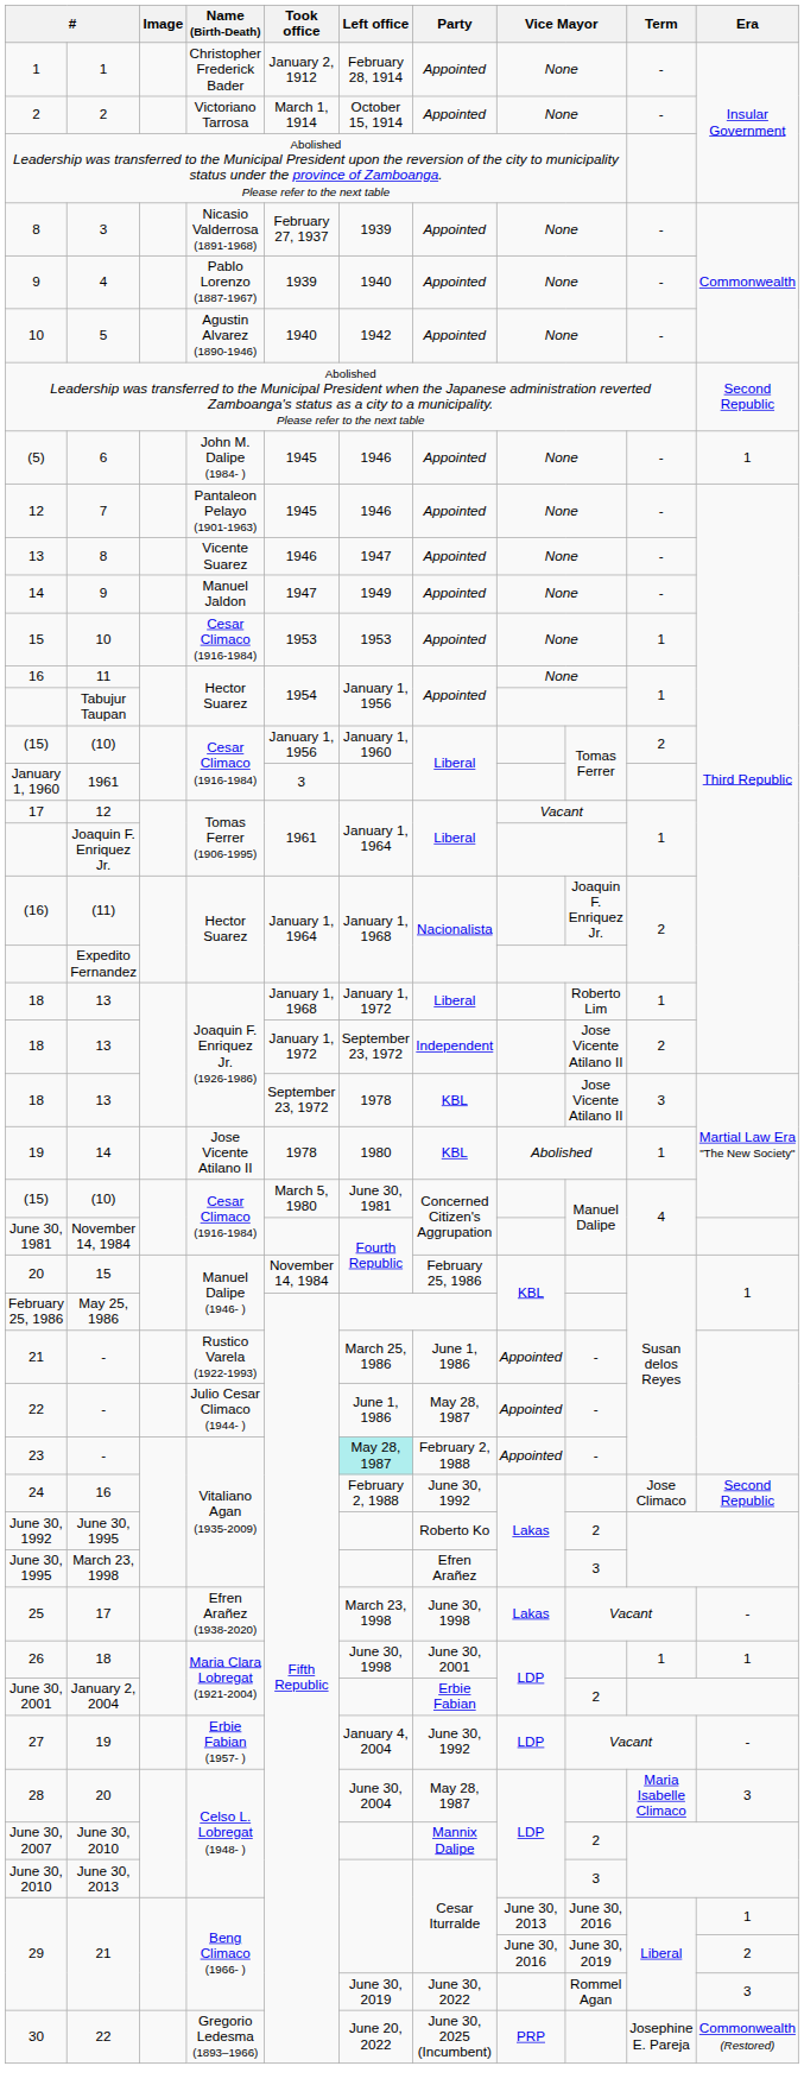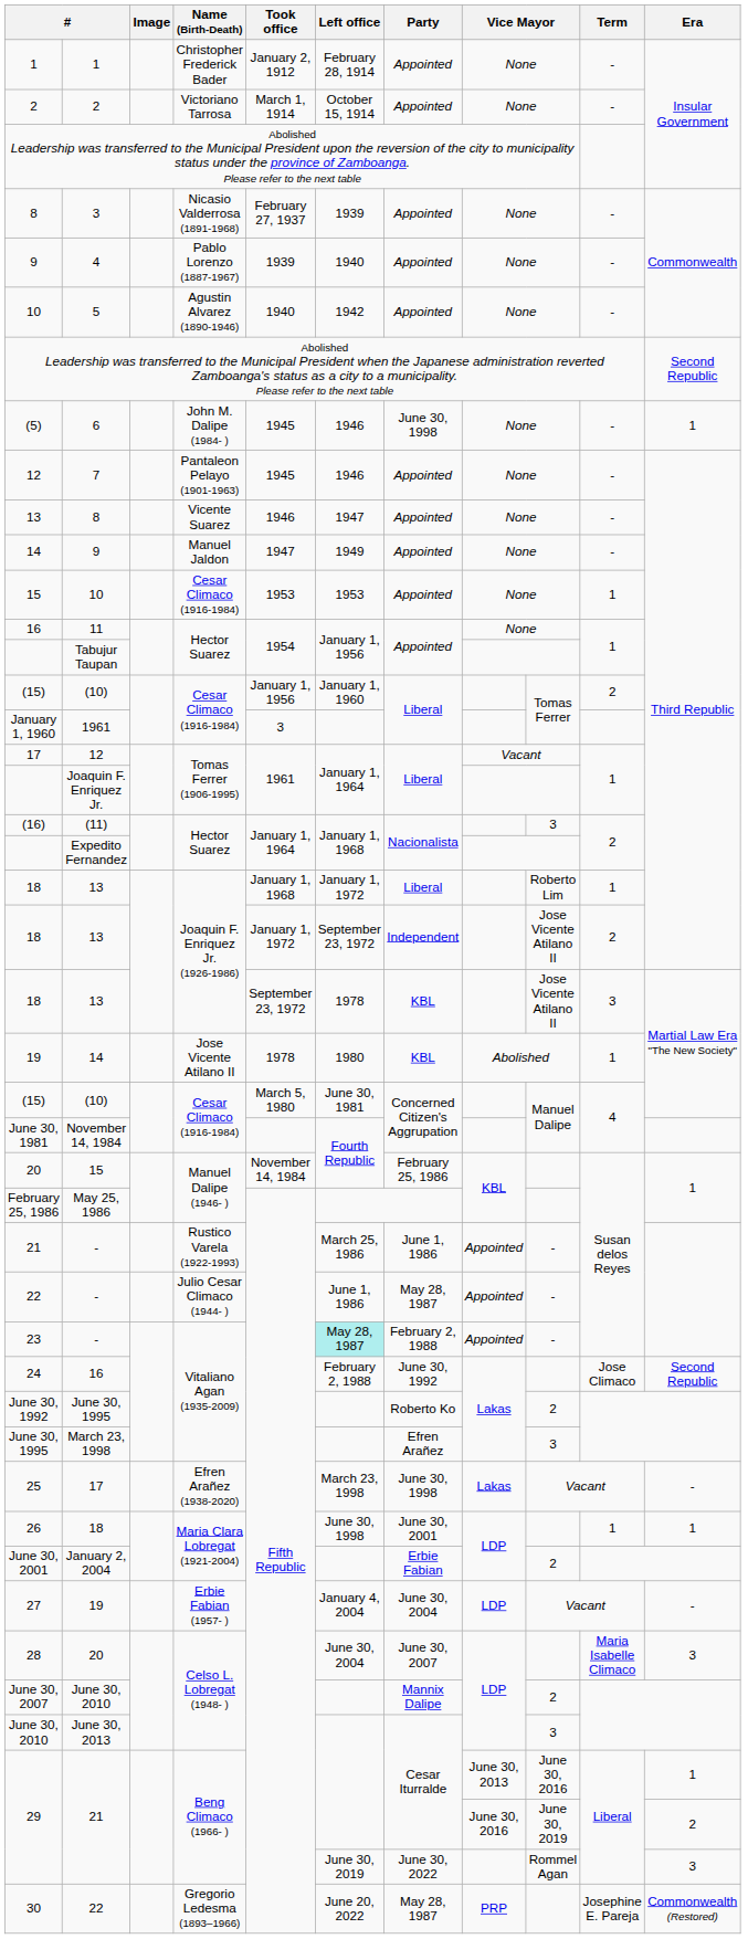 <table class="wikitable" style="text-align:center">
 <tr style="background:#cccccc">
 <th colspan=2>#</th>
 <th>Image</th>
 <th>Name <br><small>(Birth-Death)</small></th>
 <th>Took office</th>
 <th>Left office</th>
 <th>Party</th>
 <th colspan=2>Vice Mayor</th>
 <th>Term</th>
 <th>Era</th>
 </tr>
 <tr align=center>
 <td bgcolor=>1</td>
 <td bgcolor=>1</td>
 <td></td>
 <td>Christopher Frederick Bader</td>
 <td>January 2, 1912</td>
 <td>February 28, 1914</td>
 <td><em>Appointed</em></td>
 <td colspan=2><em>None</em></td>
 <td>-</td>
 <td rowspan=3><a href='#'>Insular Government</a></td>
 </tr>
 <tr align=center>
 <td bgcolor=>2</td>
 <td bgcolor=>2</td>
 <td></td>
 <td>Victoriano Tarrosa</td>
 <td>March 1, 1914</td>
 <td>October 15, 1914</td>
 <td><em>Appointed</em></td>
 <td colspan=2><em>None</em></td>
 <td>-</td>
 </tr>
 <tr align=center>
 <td colspan=9><small>Abolished</small> <br> <em>Leadership was transferred to the Municipal President upon the reversion of the city to municipality status under the <a href='#'>province of Zamboanga</a>.</em><br><small><em>Please refer to the next table</em></small></td>
 </tr>
 <tr align=center>
 <td bgcolor=>8</td>
 <td bgcolor=>3</td>
 <td></td>
 <td>Nicasio Valderrosa<br><small>(1891-1968)</small><br></td>
 <td>February 27, 1937</td>
 <td>1939</td>
 <td><em>Appointed</em></td>
 <td colspan=2><em>None</em></td>
 <td>-</td>
 <td rowspan=3><a href='#'>Commonwealth</a></td>
 </tr>
 <tr align=center>
 <td bgcolor=>9</td>
 <td bgcolor=>4</td>
 <td></td>
 <td>Pablo Lorenzo<br><small>(1887-1967)</small><br></td>
 <td>1939</td>
 <td>1940</td>
 <td><em>Appointed</em></td>
 <td colspan=2><em>None</em></td>
 <td>-</td>
 </tr>
 <tr align=center>
 <td bgcolor=>10</td>
 <td bgcolor=>5</td>
 <td></td>
 <td>Agustin Alvarez<br><small>(1890-1946)</small><br></td>
 <td>1940</td>
 <td>1942</td>
 <td><em>Appointed</em></td>
 <td colspan=2><em>None</em></td>
 <td>-</td>
 </tr>
 <tr align=center>
 <td colspan=10><small>Abolished</small> <br> <em>Leadership was transferred to the Municipal President when the Japanese administration reverted Zamboanga's status as a city to a municipality.</em><br><small><em>Please refer to the next table</em></small></td>
 <td><a href='#'>Second Republic</a></td>
 </tr>
 <tr align=center>
 <td bgcolor=>(5)</td>
 <td bgcolor=>6</td>
 <td></td>
 <td>John M. Dalipe<br><small>(1984- )</small><br></td>
 <td>1945</td>
 <td>1946</td>
-<td><em>Appointed</em></td>
+<td>June 30, 1998</td>
 <td colspan=2><em>None</em></td>
 <td>-</td>
 <td>1</td>
 </tr>
 <tr align=center>
 <td bgcolor=>12</td>
 <td bgcolor=>7</td>
 <td></td>
 <td>Pantaleon Pelayo<br><small>(1901-1963)</small><br></td>
 <td>1945</td>
 <td>1946</td>
 <td><em>Appointed</em></td>
 <td colspan=2><em>None</em></td>
 <td>-</td>
 <td rowspan=14><a href='#'>Third Republic</a></td>
 </tr>
 <tr align=center>
 <td bgcolor=>13</td>
 <td bgcolor=>8</td>
 <td></td>
 <td>Vicente Suarez</td>
 <td>1946</td>
 <td>1947</td>
 <td><em>Appointed</em></td>
 <td colspan=2><em>None</em></td>
 <td>-</td>
 </tr>
 <tr align=center>
 <td bgcolor=>14</td>
 <td bgcolor=>9</td>
 <td></td>
 <td>Manuel Jaldon</td>
 <td>1947</td>
 <td>1949</td>
 <td><em>Appointed</em></td>
 <td colspan=2><em>None</em></td>
 <td>-</td>
 </tr>
 <tr align=center>
 <td bgcolor=>15</td>
 <td bgcolor=>10</td>
 <td></td>
 <td><a href='#'>Cesar Climaco</a><br><small>(1916-1984)</small><br></td>
 <td>1953</td>
 <td>1953</td>
 <td><em>Appointed</em></td>
 <td colspan=2><em>None</em></td>
 <td>1</td>
 </tr>
 <tr align=center>
 <td bgcolor=>16</td>
 <td bgcolor=>11</td>
 <td rowspan=2></td>
 <td rowspan=2>Hector Suarez</td>
 <td rowspan=2>1954</td>
 <td rowspan=2>January 1, 1956</td>
 <td rowspan=2><em>Appointed</em></td>
 <td colspan=2><em>None</em></td>
 <td rowspan=2>1</td>
 </tr>
 <tr align=center>
 <td bgcolor=></td>
 <td>Tabujur Taupan</td>
 </tr>
 <tr align=center>
 <td bgcolor= >(15)</td>
 <td bgcolor= >(10)</td>
 <td rowspan=2></td>
 <td rowspan=2><a href='#'>Cesar Climaco</a><br><small>(1916-1984)</small><br></td>
 <td>January 1, 1956</td>
 <td>January 1, 1960</td>
 <td rowspan=2><a href='#'>Liberal</a></td>
 <td bgcolor= ></td>
 <td rowspan=2>Tomas Ferrer</td>
 <td>2</td>
 </tr>
 <tr align=center>
 <td>January 1, 1960</td>
 <td>1961</td>
 <td>3</td>
 </tr>
 <tr align=center>
 <td bgcolor= >17</td>
 <td bgcolor= >12</td>
 <td rowspan=2></td>
 <td rowspan=2>Tomas Ferrer<br><small>(1906-1995)</small><br></td>
 <td rowspan=2>1961</td>
 <td rowspan=2>January 1, 1964</td>
 <td rowspan=2><a href='#'>Liberal</a></td>
 <td colspan=2><em>Vacant</em></td>
 <td rowspan=2>1</td>
 </tr>
 <tr align=center>
 <td bgcolor= ></td>
 <td>Joaquin F. Enriquez Jr.</td>
 </tr>
 <tr align=center>
 <td bgcolor= >(16)</td>
 <td bgcolor= >(11)</td>
 <td rowspan=2></td>
 <td rowspan=2>Hector Suarez</td>
 <td rowspan=2>January 1, 1964</td>
 <td rowspan=2>January 1, 1968</td>
 <td rowspan=2><a href='#'>Nacionalista</a></td>
 <td bgcolor= ></td>
-<td>Joaquin F. Enriquez Jr.</td>
+<td>3</td>
 <td rowspan=2>2</td>
 </tr>
 <tr align=center>
 <td bgcolor= ></td>
 <td>Expedito Fernandez</td>
 </tr>
 <tr align=center>
 <td bgcolor= >18</td>
 <td bgcolor= >13</td>
 <td rowspan=3></td>
 <td rowspan=3>Joaquin F. Enriquez Jr.<br><small>(1926-1986)</small><br></td>
 <td>January 1, 1968</td>
 <td>January 1, 1972</td>
 <td><a href='#'>Liberal</a></td>
 <td bgcolor= ></td>
 <td>Roberto Lim</td>
 <td>1</td>
 </tr>
 <tr align=center>
 <td bgcolor= >18</td>
 <td bgcolor= >13</td>
 <td>January 1, 1972</td>
 <td>September 23, 1972</td>
 <td><a href='#'>Independent</a></td>
 <td bgcolor= ></td>
 <td>Jose Vicente Atilano II</td>
 <td>2</td>
 </tr>
 <tr align=center>
 <td bgcolor= >18</td>
 <td bgcolor= >13</td>
 <td>September 23, 1972</td>
 <td>1978</td>
 <td><a href='#'>KBL</a></td>
 <td bgcolor= ></td>
 <td>Jose Vicente Atilano II</td>
 <td>3</td>
 <td rowspan=3><a href='#'>Martial Law Era</a><br><small>"The New Society"</small></td>
 </tr>
 <tr align=center>
 <td bgcolor=>19</td>
 <td bgcolor=>14</td>
 <td></td>
 <td>Jose Vicente Atilano II</td>
 <td>1978</td>
 <td>1980</td>
 <td><a href='#'>KBL</a></td>
 <td colspan=2><em>Abolished</em></td>
 <td>1</td>
 </tr>
 <tr align=center>
 <td bgcolor=>(15)</td>
 <td bgcolor=>(10)</td>
 <td rowspan=2></td>
 <td rowspan=2><a href='#'>Cesar Climaco</a><br><small>(1916-1984)</small><br></td>
 <td>March 5, 1980</td>
 <td>June 30, 1981</td>
 <td rowspan=2>Concerned Citizen's Aggrupation</td>
 <td bgcolor= ></td>
 <td rowspan=2>Manuel Dalipe</td>
 <td rowspan=2>4</td>
 </tr>
 <tr align=center>
 <td>June 30, 1981</td>
 <td>November 14, 1984</td>
 <td bgcolor= ></td>
 <td rowspan=2><a href='#'>Fourth Republic</a></td>
 </tr>
 <tr align=center>
 <td bgcolor=>20</td>
 <td bgcolor=>15</td>
 <td rowspan=2></td>
 <td rowspan=2>Manuel Dalipe<br><small>(1946- )</small><br></td>
 <td>November 14, 1984</td>
 <td>February 25, 1986</td>
 <td rowspan=2><a href='#'>KBL</a></td>
 <td bgcolor= ></td>
 <td rowspan=5>Susan delos Reyes</td>
 <td rowspan=2>1</td>
 </tr>
 <tr align=center>
 <td>February 25, 1986</td>
 <td>May 25, 1986</td>
 <td rowspan="18"><a href='#'>Fifth Republic</a></td>
 </tr>
 <tr align=center>
 <td bgcolor=>21</td>
 <td bgcolor=>-</td>
 <td></td>
 <td>Rustico Varela<br><small>(1922-1993)</small><br></td>
 <td>March 25, 1986</td>
 <td>June 1, 1986</td>
 <td><em>Appointed</em></td>
 <td>-</td>
 </tr>
 <tr align=center>
 <td bgcolor=>22</td>
 <td bgcolor=>-</td>
 <td></td>
 <td>Julio Cesar Climaco<br><small>(1944- )</small><br></td>
 <td>June 1, 1986</td>
 <td>May 28, 1987</td>
 <td><em>Appointed</em></td>
 <td>-</td>
 </tr>
 <tr align=center>
 <td bgcolor=>23</td>
 <td bgcolor=>-</td>
 <td rowspan=4></td>
 <td rowspan=4>Vitaliano Agan<br><small>(1935-2009)</small><br></td>
 <td style="background: paleturquoise;">May 28, 1987</td>
 <td>February 2, 1988</td>
 <td><em>Appointed</em></td>
 <td>-</td>
 </tr>
 <tr align=center>
 <td bgcolor=>24</td>
 <td bgcolor=>16</td>
 <td>February 2, 1988</td>
 <td>June 30, 1992</td>
 <td rowspan=3><a href='#'>Lakas</a></td>
 <td></td>
 <td>Jose Climaco</td>
 <td><a href='#'>Second Republic</a></td>
 </tr>
 <tr align=center>
 <td>June 30, 1992</td>
 <td>June 30, 1995</td>
 <td></td>
 <td>Roberto Ko</td>
 <td>2</td>
 </tr>
 <tr align=center>
 <td>June 30, 1995</td>
 <td>March 23, 1998</td>
 <td bgcolor= ></td>
 <td>Efren Arañez</td>
 <td>3</td>
 </tr>
 <tr align=center>
 <td bgcolor=>25</td>
 <td bgcolor=>17</td>
 <td></td>
 <td>Efren Arañez<br><small>(1938-2020)</small><br></td>
 <td>March 23, 1998</td>
 <td>June 30, 1998</td>
 <td><a href='#'>Lakas</a></td>
 <td colspan=2><em>Vacant</em></td>
 <td>-</td>
 </tr>
 <tr align=center>
 <td bgcolor=>26</td>
 <td bgcolor=>18</td>
 <td rowspan=2></td>
 <td rowspan=2><a href='#'>Maria Clara Lobregat</a><br><small>(1921-2004)</small><br></td>
 <td>June 30, 1998</td>
 <td>June 30, 2001</td>
 <td rowspan=2><a href='#'>LDP</a></td>
 <td></td>
 <td>1</td>
 <td>1</td>
 </tr>
 <tr align=center>
 <td>June 30, 2001</td>
 <td>January 2, 2004</td>
 <td bgcolor= ></td>
 <td><a href='#'>Erbie Fabian</a></td>
 <td>2</td>
 </tr>
 <tr align=center>
 <td bgcolor=>27</td>
 <td bgcolor=>19</td>
 <td></td>
 <td><a href='#'>Erbie Fabian</a><br><small>(1957- )</small><br></td>
 <td>January 4, 2004</td>
-<td>June 30, 1992</td>
+<td>June 30, 2004</td>
 <td><a href='#'>LDP</a></td>
 <td colspan=2><em>Vacant</em></td>
 <td>-</td>
 </tr>
 <tr align=center>
 <td bgcolor=>28</td>
 <td bgcolor=>20</td>
 <td rowspan=3></td>
 <td rowspan="3"><a href='#'>Celso L. Lobregat</a><br><small>(1948- )</small></td>
 <td>June 30, 2004</td>
-<td>May 28, 1987</td>
+<td>June 30, 2007</td>
 <td rowspan=3><a href='#'>LDP</a></td>
 <td bgcolor= ></td>
 <td><a href='#'>Maria Isabelle Climaco</a></td>
 <td>3</td>
 </tr>
 <tr align=center>
 <td>June 30, 2007</td>
 <td>June 30, 2010</td>
 <td bgcolor= ></td>
 <td><a href='#'>Mannix Dalipe</a></td>
 <td>2</td>
 </tr>
 <tr align=center>
 <td>June 30, 2010</td>
 <td>June 30, 2013</td>
 <td rowspan="3"></td>
 <td rowspan="3">Cesar Iturralde</td>
 <td>3</td>
 </tr>
 <tr align=center>
 <td rowspan="3">29</td>
 <td rowspan="3">21</td>
 <td rowspan="3"></td>
 <td rowspan="3"><a href='#'>Beng Climaco</a><br><small>(1966- )</small></td>
 <td>June 30, 2013</td>
 <td>June 30, 2016</td>
 <td rowspan="3"><a href='#'>Liberal</a></td>
 <td>1</td>
 </tr>
 <tr>
 <td>June 30, 2016</td>
 <td>June 30, 2019</td>
 <td>2</td>
 </tr>
 <tr>
 <td>June 30, 2019</td>
 <td>June 30, 2022</td>
 <td></td>
 <td>Rommel Agan</td>
 <td>3</td>
 </tr>
 <tr align=center>
 <td bgcolor=>30</td>
 <td bgcolor=>22</td>
 <td></td>
 <td>Gregorio Ledesma<br><small>(1893–1966)</small><br></td>
 <td>June 20, 2022</td>
-<td>June 30, 2025 <br>(Incumbent)</td>
+<td>May 28, 1987</td>
 <td><a href='#'>PRP</a></td>
 <td></td>
 <td>Josephine E. Pareja</td>
 <td><a href='#'>Commonwealth</a><br><small><em>(Restored)</em></small></td>
 </tr>
 </table>
